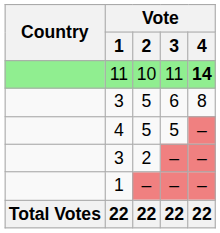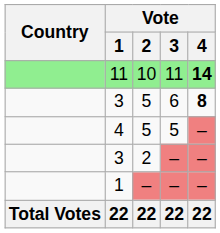 <table class="wikitable" style="margin: 0 auto; text-align: center;">
 <tr>
 <th rowspan="2">Country</th>
 <th colspan="4">Vote</th>
 </tr>
 <tr>
 <th>1</th>
 <th>2</th>
 <th>3</th>
 <th>4</th>
 </tr>
 <tr bgcolor=#90EE90>
 <td align=left><strong></strong></td>
 <td>11</td>
 <td>10</td>
 <td>11</td>
 <td><strong>14</strong></td>
 </tr>
 <tr>
 <td align=left></td>
 <td>3</td>
 <td>5</td>
 <td>6</td>
-<td>8</td>
+<td><strong>8</strong></td>
 </tr>
 <tr>
 <td align=left></td>
 <td>4</td>
 <td>5</td>
 <td>5</td>
 <td bgcolor=#F08080>–</td>
 </tr>
 <tr>
 <td align=left></td>
 <td>3</td>
 <td>2</td>
 <td bgcolor=#F08080>–</td>
 <td bgcolor=#F08080>–</td>
 </tr>
 <tr>
 <td align=left></td>
 <td>1</td>
 <td bgcolor=#F08080>–</td>
 <td bgcolor=#F08080>–</td>
 <td bgcolor=#F08080>–</td>
 </tr>
 <tr>
 <th align=left>Total Votes</th>
 <th>22</th>
 <th>22</th>
 <th>22</th>
 <th>22</th>
 </tr>
 </table>
